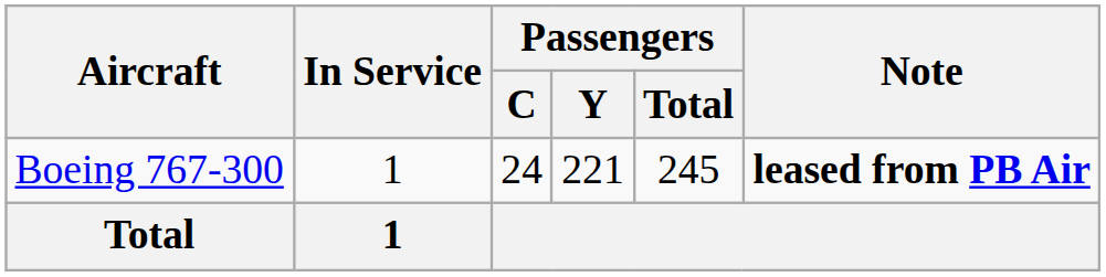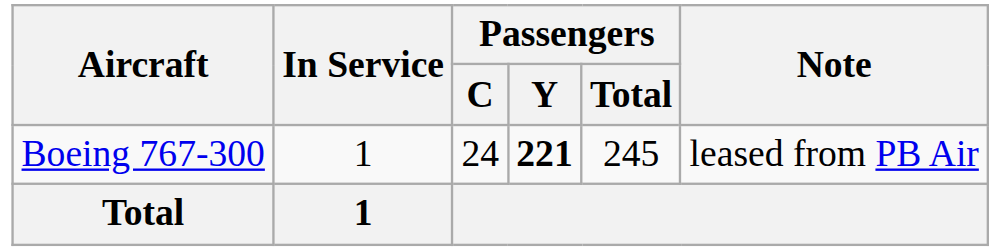 <table class="wikitable" style="margin:1em auto; border-collapse:collapse;text-align:center">
 <tr>
 <th rowspan="2">Aircraft</th>
 <th rowspan="2">In Service</th>
 <th colspan="3">Passengers</th>
 <th rowspan="2">Note</th>
 </tr>
 <tr>
 <th><abbr>C</abbr></th>
 <th><abbr>Y</abbr></th>
 <th>Total</th>
 </tr>
 <tr>
 <td><a href='#'>Boeing 767-300</a></td>
 <td>1</td>
 <td>24</td>
-<td>221</td>
+<td><strong>221</strong></td>
 <td>245</td>
-<td><strong>leased from <a href='#'>PB Air</a></strong></td>
+<td>leased from <a href='#'>PB Air</a></td>
 </tr>
 <tr>
 <th>Total</th>
 <th>1</th>
 <th colspan="5"></th>
 </tr>
 </table>
